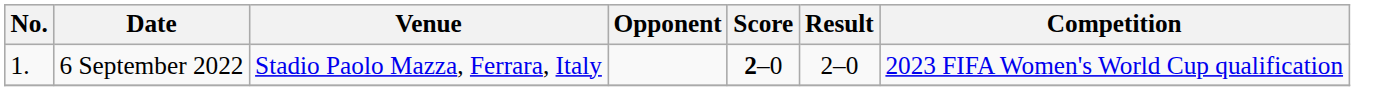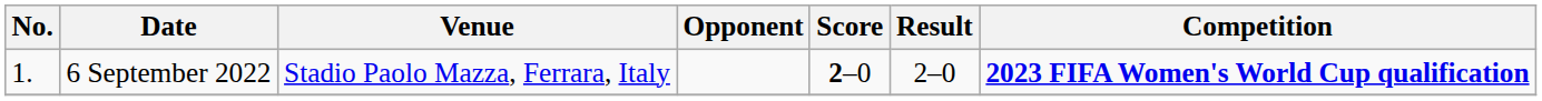 <table class="wikitable">
 <tr>
 <th>No.</th>
 <th>Date</th>
 <th>Venue</th>
 <th>Opponent</th>
 <th>Score</th>
 <th>Result</th>
 <th>Competition</th>
 </tr>
 <tr>
 <td>1.</td>
 <td>6 September 2022</td>
 <td><a href='#'>Stadio Paolo Mazza</a>, <a href='#'>Ferrara</a>, <a href='#'>Italy</a></td>
 <td></td>
 <td align=center><strong>2</strong>–0</td>
 <td align=center>2–0</td>
-<td><a href='#'>2023 FIFA Women's World Cup qualification</a></td>
+<td><strong><a href='#'>2023 FIFA Women's World Cup qualification</a></strong></td>
 </tr>
 <tr>
 </tr>
 </table>
